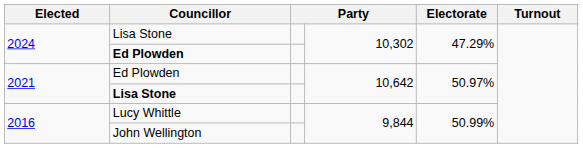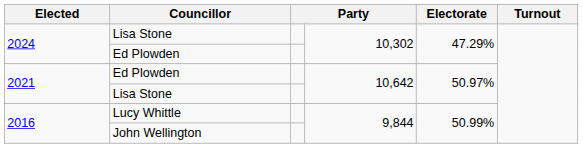 <table class="wikitable" style="width:46em;">
 <tr>
 <th scope=col style="width:8em;">Elected</th>
 <th scope=col style="width:14em;">Councillor</th>
 <th scope=col style="width:12em;" colspan=2>Party</th>
 <th scope=col style="width:6em;">Electorate</th>
 <th scope=col style="width:6em;">Turnout</th>
 </tr>
 <tr>
 <td rowspan=2><a href='#'>2024</a></td>
 <td>Lisa Stone</td>
 <td></td>
 <td rowspan=2 style="text-align:right;">10,302</td>
 <td rowspan=2 style="text-align:right;">47.29%</td>
 </tr>
 <tr>
-<td><strong>Ed Plowden</strong></td>
+<td>Ed Plowden</td>
 <td></td>
 </tr>
 <tr>
 <td rowspan=2><a href='#'>2021</a></td>
 <td>Ed Plowden</td>
 <td></td>
 <td rowspan=2 style="text-align:right;">10,642</td>
 <td rowspan=2 style="text-align:right;">50.97%</td>
 </tr>
 <tr>
-<td><strong>Lisa Stone</strong></td>
+<td>Lisa Stone</td>
 <td></td>
 </tr>
 <tr>
 <td rowspan=2><a href='#'>2016</a></td>
 <td>Lucy Whittle</td>
 <td></td>
 <td rowspan=2 style="text-align:right;">9,844</td>
 <td rowspan=2 style="text-align:right;">50.99%</td>
 </tr>
 <tr>
 <td>John Wellington</td>
 <td></td>
 </tr>
 </table>
